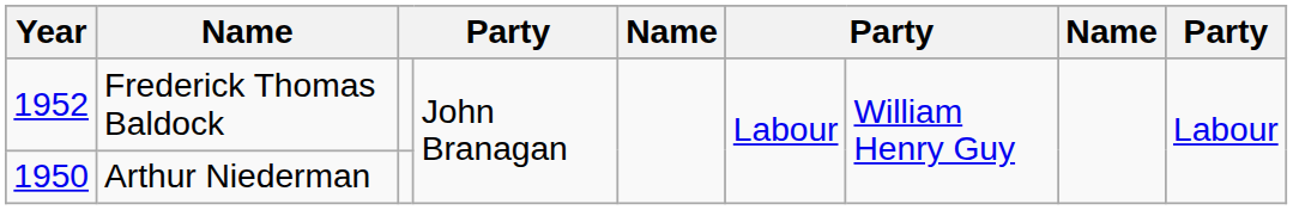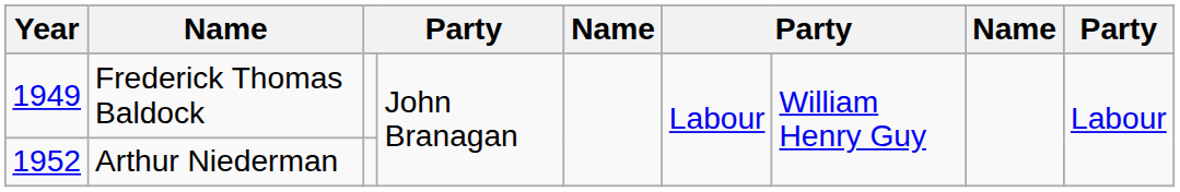 <table class="wikitable">
 <tr>
 <th>Year</th>
 <th>Name</th>
 <th colspan=2>Party</th>
 <th>Name</th>
 <th colspan=2>Party</th>
 <th>Name</th>
 <th colspan=2>Party</th>
 </tr>
 <tr>
-<td><a href='#'>1952</a></td>
+<td><a href='#'>1949</a></td>
 <td>Frederick Thomas Baldock</td>
 <td></td>
 <td rowspan=2>John Branagan</td>
 <td rowspan=2 style="background-color: "></td>
 <td rowspan=2><a href='#'>Labour</a></td>
 <td rowspan=2><a href='#'>William Henry Guy</a></td>
 <td rowspan=2 style="background-color: "></td>
 <td rowspan=2><a href='#'>Labour</a></td>
 </tr>
 <tr>
-<td><a href='#'>1950</a></td>
+<td><a href='#'>1952</a></td>
 <td>Arthur Niederman</td>
 <td></td>
 </tr>
 </table>
